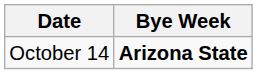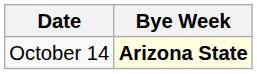 <table class="wikitable" style="font-size:95%;">
 <tr>
 <th>Date</th>
 <th colspan="2">Bye Week</th>
 </tr>
 <tr>
 <td>October 14</td>
-<td><strong>Arizona State</strong></td>
+<td style="background: lightyellow;"><strong>Arizona State</strong></td>
 </tr>
 </table>
